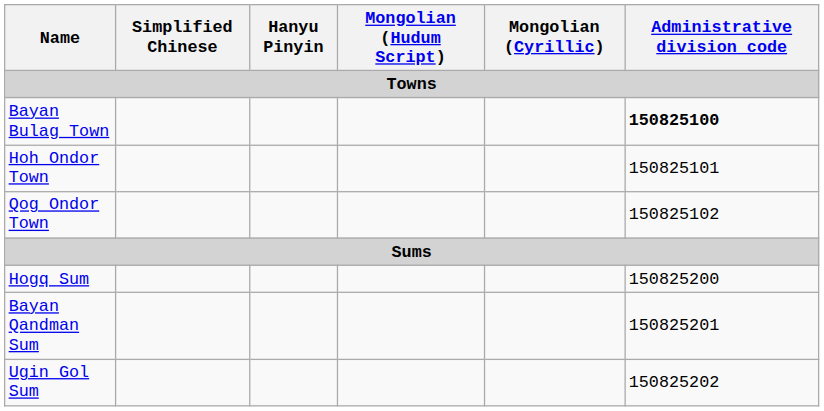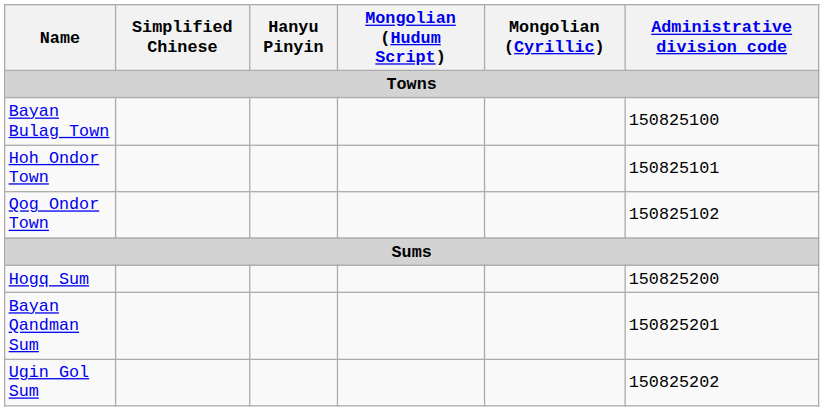 <table class="wikitable" align="center" style="width:50%; border="1">
 <tr>
 <th>Name</th>
 <th>Simplified Chinese</th>
 <th>Hanyu Pinyin</th>
 <th><a href='#'>Mongolian</a> (<a href='#'>Hudum Script</a>)</th>
 <th>Mongolian (<a href='#'>Cyrillic</a>)</th>
 <th><a href='#'>Administrative division code</a></th>
 </tr>
 <tr>
 <td colspan="6"  style="text-align:center; background:#d3d3d3;"><strong>Towns</strong></td>
 </tr>
 <tr --------->
 <td><a href='#'>Bayan Bulag Town</a></td>
 <td></td>
 <td></td>
 <td></td>
 <td></td>
-<td><strong>150825100</strong></td>
+<td>150825100</td>
 </tr>
 <tr>
 <td><a href='#'>Hoh Ondor Town</a></td>
 <td></td>
 <td></td>
 <td></td>
 <td></td>
 <td>150825101</td>
 </tr>
 <tr>
 <td><a href='#'>Qog Ondor Town</a></td>
 <td></td>
 <td></td>
 <td></td>
 <td></td>
 <td>150825102</td>
 </tr>
 <tr>
 <td colspan="6"  style="text-align:center; background:#d3d3d3;"><strong>Sums</strong></td>
 </tr>
 <tr --------->
 <td><a href='#'>Hogq Sum</a></td>
 <td></td>
 <td></td>
 <td></td>
 <td></td>
 <td>150825200</td>
 </tr>
 <tr>
 <td><a href='#'>Bayan Qandman Sum</a></td>
 <td></td>
 <td></td>
 <td></td>
 <td></td>
 <td>150825201</td>
 </tr>
 <tr>
 <td><a href='#'>Ugin Gol Sum</a></td>
 <td></td>
 <td></td>
 <td></td>
 <td></td>
 <td>150825202</td>
 </tr>
 </table>
